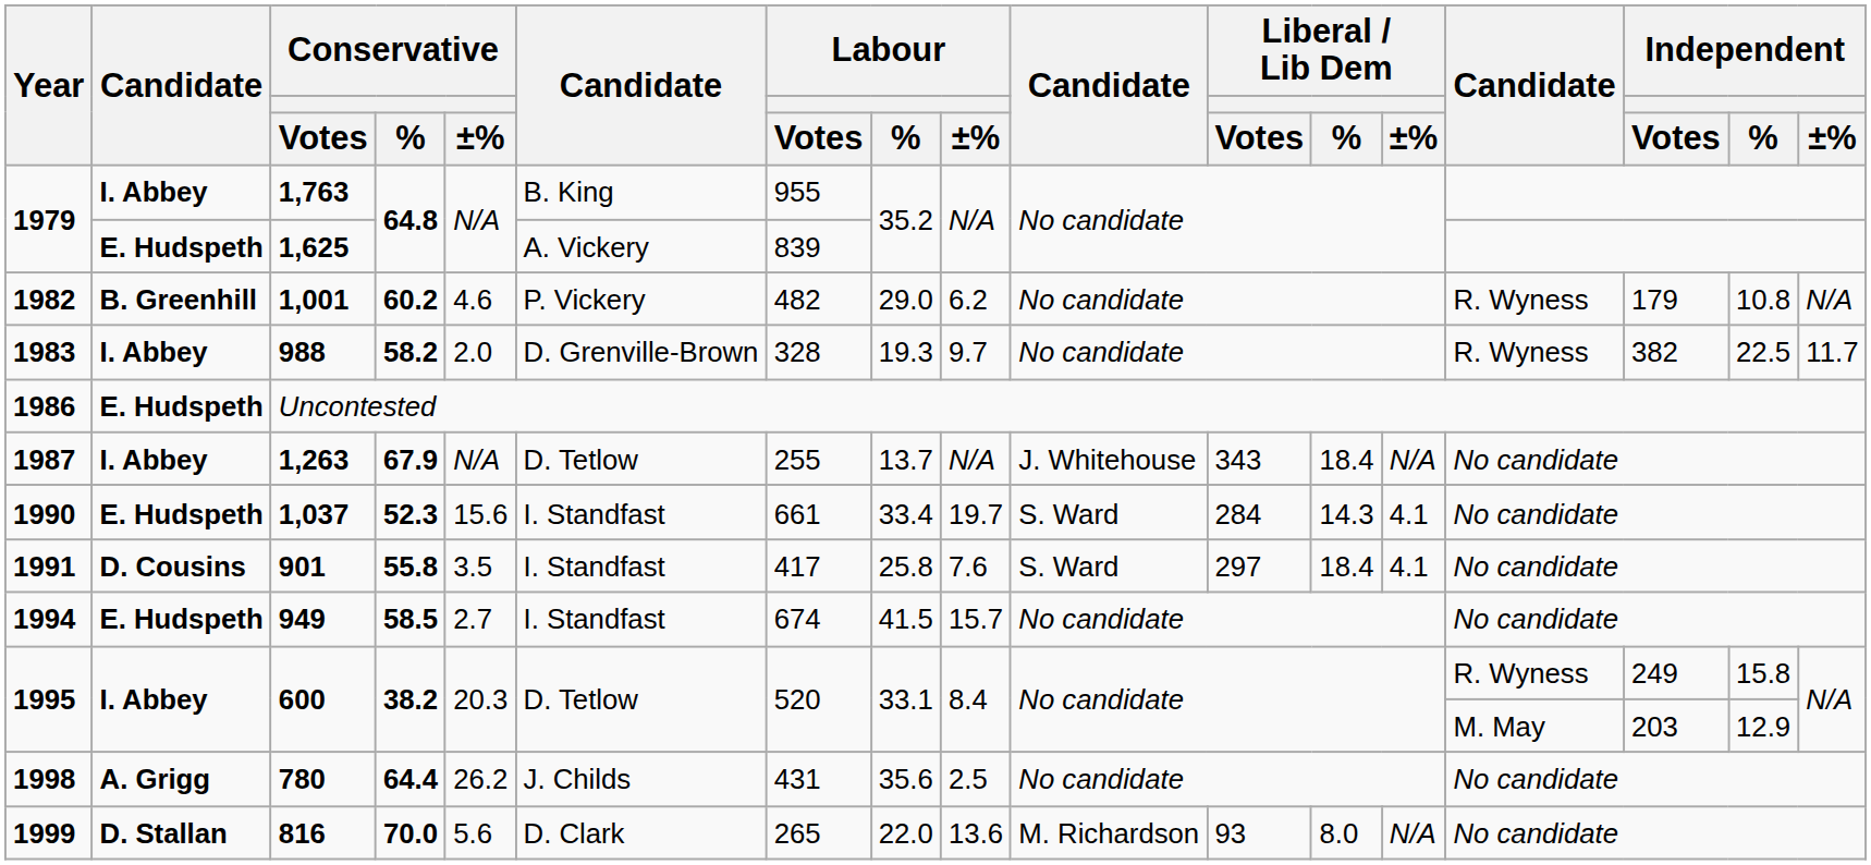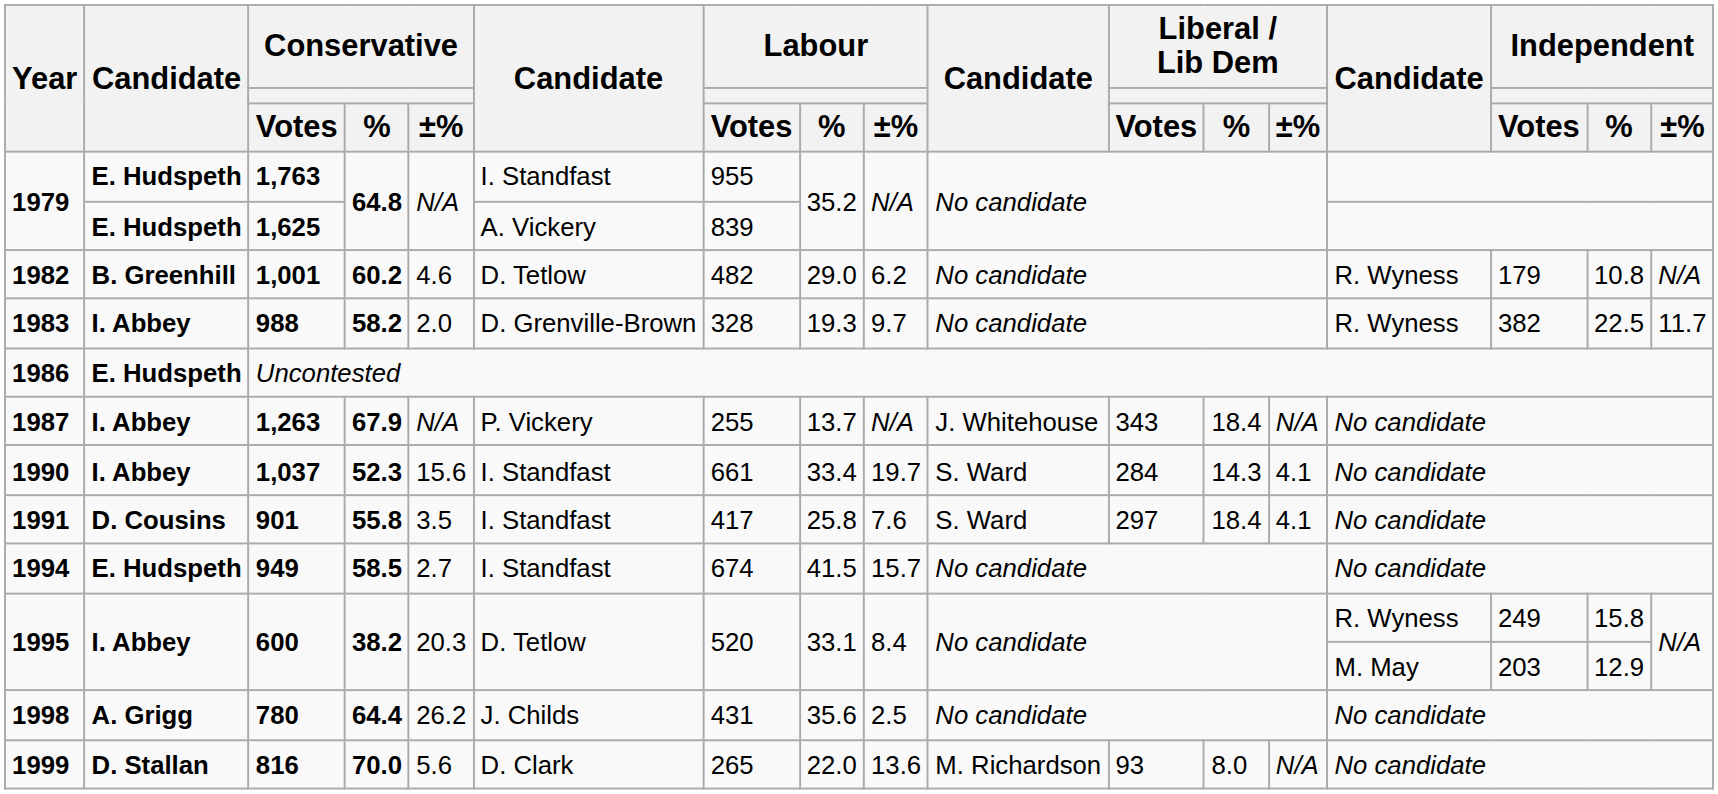 <table class="wikitable">
 <tr>
 <th rowspan="3">Year</th>
 <th rowspan="3">Candidate</th>
 <th colspan="3">Conservative</th>
 <th rowspan="3">Candidate</th>
 <th colspan="3">Labour</th>
 <th rowspan="3">Candidate</th>
 <th colspan="3">Liberal /<br>Lib Dem</th>
 <th rowspan="3">Candidate</th>
 <th colspan="3">Independent</th>
 </tr>
 <tr>
 <th colspan="3" style="background:"></th>
 <th colspan="3" style="background:"></th>
 <th colspan="3" style="background:"></th>
 <th colspan="3" style="background:"></th>
 </tr>
 <tr>
 <th>Votes</th>
 <th>%</th>
 <th><strong>±%</strong></th>
 <th>Votes</th>
 <th>%</th>
 <th><strong>±%</strong></th>
 <th>Votes</th>
 <th>%</th>
 <th><strong>±%</strong></th>
 <th>Votes</th>
 <th>%</th>
 <th><strong>±%</strong></th>
 </tr>
 <tr>
 <td rowspan="2"><strong><small>1979</small></strong></td>
-<td><strong><small>I. Abbey</small></strong></td>
+<td><strong><small>E. Hudspeth</small></strong></td>
 <td><strong><small>1,763</small></strong></td>
 <td rowspan="2"><strong><small>64.8</small></strong></td>
 <td rowspan="2"><em><small>N/A</small></em></td>
-<td><small>B. King</small></td>
+<td><small>I. Standfast</small></td>
 <td><small>955</small></td>
 <td rowspan="2"><small>35.2</small></td>
 <td rowspan="2"><em><small>N/A</small></em></td>
 <td colspan="4" rowspan="2"><em><small>No candidate</small></em></td>
 <td colspan="4"></td>
 </tr>
 <tr>
 <td><strong><small>E. Hudspeth</small></strong></td>
 <td><strong><small>1,625</small></strong></td>
 <td><small>A. Vickery</small></td>
 <td><small>839</small></td>
 <td colspan="4"></td>
 </tr>
 <tr>
 <td><strong><small>1982</small></strong></td>
 <td><strong><small>B. Greenhill</small></strong></td>
 <td><strong><small>1,001</small></strong></td>
 <td><strong><small>60.2</small></strong></td>
 <td><small>4.6</small></td>
-<td><small>P. Vickery</small></td>
+<td><small>D. Tetlow</small></td>
 <td><small>482</small></td>
 <td><small>29.0</small></td>
 <td><small>6.2</small></td>
 <td colspan="4"><em><small>No candidate</small></em></td>
 <td><small>R. Wyness</small></td>
 <td><small>179</small></td>
 <td><small>10.8</small></td>
 <td><em><small>N/A</small></em></td>
 </tr>
 <tr>
 <td><strong><small>1983</small></strong></td>
 <td><strong><small>I. Abbey</small></strong></td>
 <td><strong><small>988</small></strong></td>
 <td><strong><small>58.2</small></strong></td>
 <td><small>2.0</small></td>
 <td><small>D. Grenville-Brown</small></td>
 <td><small>328</small></td>
 <td><small>19.3</small></td>
 <td><small>9.7</small></td>
 <td colspan="4"><em><small>No candidate</small></em></td>
 <td><small>R. Wyness</small></td>
 <td><small>382</small></td>
 <td><small>22.5</small></td>
 <td><small>11.7</small></td>
 </tr>
 <tr>
 <td><strong><small>1986</small></strong></td>
 <td><strong><small>E. Hudspeth</small></strong></td>
 <td colspan="15"><em><small>Uncontested</small></em></td>
 </tr>
 <tr>
 <td><strong><small>1987</small></strong></td>
 <td><strong><small>I. Abbey</small></strong></td>
 <td><strong><small>1,263</small></strong></td>
 <td><strong><small>67.9</small></strong></td>
 <td><em><small>N/A</small></em></td>
-<td><small>D. Tetlow</small></td>
+<td><small>P. Vickery</small></td>
 <td><small>255</small></td>
 <td><small>13.7</small></td>
 <td><em><small>N/A</small></em></td>
 <td><small>J. Whitehouse</small></td>
 <td><small>343</small></td>
 <td><small>18.4</small></td>
 <td><em><small>N/A</small></em></td>
 <td colspan="4"><em><small>No candidate</small></em></td>
 </tr>
 <tr>
 <td><strong><small>1990</small></strong></td>
-<td><strong><small>E. Hudspeth</small></strong></td>
+<td><strong><small>I. Abbey</small></strong></td>
 <td><strong><small>1,037</small></strong></td>
 <td><strong><small>52.3</small></strong></td>
 <td><small>15.6</small></td>
 <td><small>I. Standfast</small></td>
 <td><small>661</small></td>
 <td><small>33.4</small></td>
 <td><small>19.7</small></td>
 <td><small>S. Ward</small></td>
 <td><small>284</small></td>
 <td><small>14.3</small></td>
 <td><small>4.1</small></td>
 <td colspan="4"><em><small>No candidate</small></em></td>
 </tr>
 <tr>
 <td><strong><small>1991</small></strong></td>
 <td><strong><small>D. Cousins</small></strong></td>
 <td><strong><small>901</small></strong></td>
 <td><strong><small>55.8</small></strong></td>
 <td><small>3.5</small></td>
 <td><small>I. Standfast</small></td>
 <td><small>417</small></td>
 <td><small>25.8</small></td>
 <td><small>7.6</small></td>
 <td><small>S. Ward</small></td>
 <td><small>297</small></td>
 <td><small>18.4</small></td>
 <td><small>4.1</small></td>
 <td colspan="4"><em><small>No candidate</small></em></td>
 </tr>
 <tr>
 <td><strong><small>1994</small></strong></td>
 <td><strong><small>E. Hudspeth</small></strong></td>
 <td><strong><small>949</small></strong></td>
 <td><strong><small>58.5</small></strong></td>
 <td><small>2.7</small></td>
 <td><small>I. Standfast</small></td>
 <td><small>674</small></td>
 <td><small>41.5</small></td>
 <td><small>15.7</small></td>
 <td colspan="4"><em><small>No candidate</small></em></td>
 <td colspan="4"><em><small>No candidate</small></em></td>
 </tr>
 <tr>
 <td rowspan="2"><strong><small>1995</small></strong></td>
 <td rowspan="2"><strong><small>I. Abbey</small></strong></td>
 <td rowspan="2"><strong><small>600</small></strong></td>
 <td rowspan="2"><strong><small>38.2</small></strong></td>
 <td rowspan="2"><small>20.3</small></td>
 <td rowspan="2"><small>D. Tetlow</small></td>
 <td rowspan="2"><small>520</small></td>
 <td rowspan="2"><small>33.1</small></td>
 <td rowspan="2"><small>8.4</small></td>
 <td colspan="4" rowspan="2"><em><small>No candidate</small></em></td>
 <td><small>R. Wyness</small></td>
 <td><small>249</small></td>
 <td><small>15.8</small></td>
 <td rowspan="2"><em><small>N/A</small></em></td>
 </tr>
 <tr>
 <td><small>M. May</small></td>
 <td><small>203</small></td>
 <td><small>12.9</small></td>
 </tr>
 <tr>
 <td><strong><small>1998</small></strong></td>
 <td><strong><small>A. Grigg</small></strong></td>
 <td><strong><small>780</small></strong></td>
 <td><strong><small>64.4</small></strong></td>
 <td><small>26.2</small></td>
 <td><small>J. Childs</small></td>
 <td><small>431</small></td>
 <td><small>35.6</small></td>
 <td><small>2.5</small></td>
 <td colspan="4"><em><small>No candidate</small></em></td>
 <td colspan="4"><em><small>No candidate</small></em></td>
 </tr>
 <tr>
 <td><strong><small>1999</small></strong></td>
 <td><strong><small>D. Stallan</small></strong></td>
 <td><strong><small>816</small></strong></td>
 <td><strong><small>70.0</small></strong></td>
 <td><small>5.6</small></td>
 <td><small>D. Clark</small></td>
 <td><small>265</small></td>
 <td><small>22.0</small></td>
 <td><small>13.6</small></td>
 <td><small>M. Richardson</small></td>
 <td><small>93</small></td>
 <td><small>8.0</small></td>
 <td><em><small>N/A</small></em></td>
 <td colspan="4"><em><small>No candidate</small></em></td>
 </tr>
 </table>
